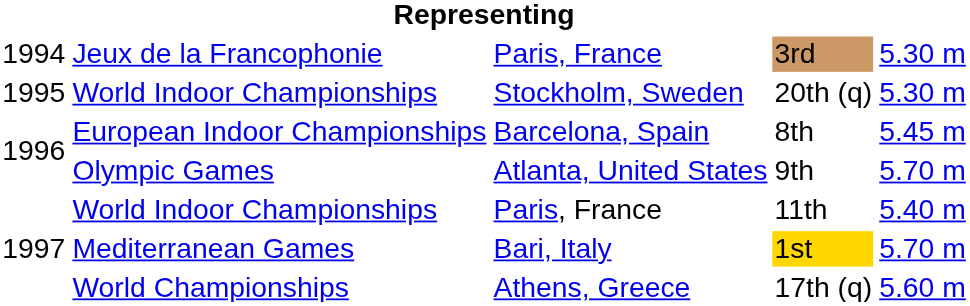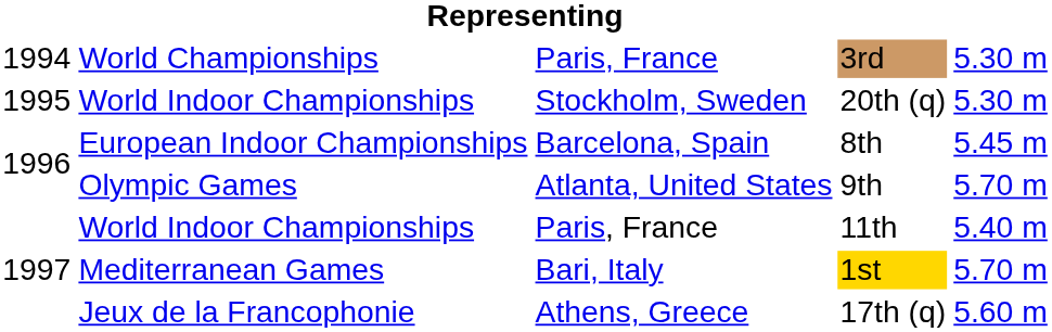 <table>
 <tr>
 <th colspan="5">Representing </th>
 </tr>
 <tr>
 <td>1994</td>
-<td><a href='#'>Jeux de la Francophonie</a></td>
+<td><a href='#'>World Championships</a></td>
 <td><a href='#'>Paris, France</a></td>
 <td bgcolor=cc9966>3rd</td>
 <td><a href='#'>5.30 m</a></td>
 </tr>
 <tr>
 <td>1995</td>
 <td><a href='#'>World Indoor Championships</a></td>
 <td><a href='#'>Stockholm, Sweden</a></td>
 <td>20th (q)</td>
 <td><a href='#'>5.30 m</a></td>
 </tr>
 <tr>
 <td rowspan=2>1996</td>
 <td><a href='#'>European Indoor Championships</a></td>
 <td><a href='#'>Barcelona, Spain</a></td>
 <td>8th</td>
 <td><a href='#'>5.45 m</a></td>
 </tr>
 <tr>
 <td><a href='#'>Olympic Games</a></td>
 <td><a href='#'>Atlanta, United States</a></td>
 <td>9th</td>
 <td><a href='#'>5.70 m</a></td>
 </tr>
 <tr>
 <td rowspan=3>1997</td>
 <td><a href='#'>World Indoor Championships</a></td>
 <td><a href='#'>Paris</a>, France</td>
 <td>11th</td>
 <td><a href='#'>5.40 m</a></td>
 </tr>
 <tr>
 <td><a href='#'>Mediterranean Games</a></td>
 <td><a href='#'>Bari, Italy</a></td>
 <td bgcolor=gold>1st</td>
 <td><a href='#'>5.70 m</a></td>
 </tr>
 <tr>
-<td><a href='#'>World Championships</a></td>
+<td><a href='#'>Jeux de la Francophonie</a></td>
 <td><a href='#'>Athens, Greece</a></td>
 <td>17th (q)</td>
 <td><a href='#'>5.60 m</a></td>
 </tr>
 </table>
